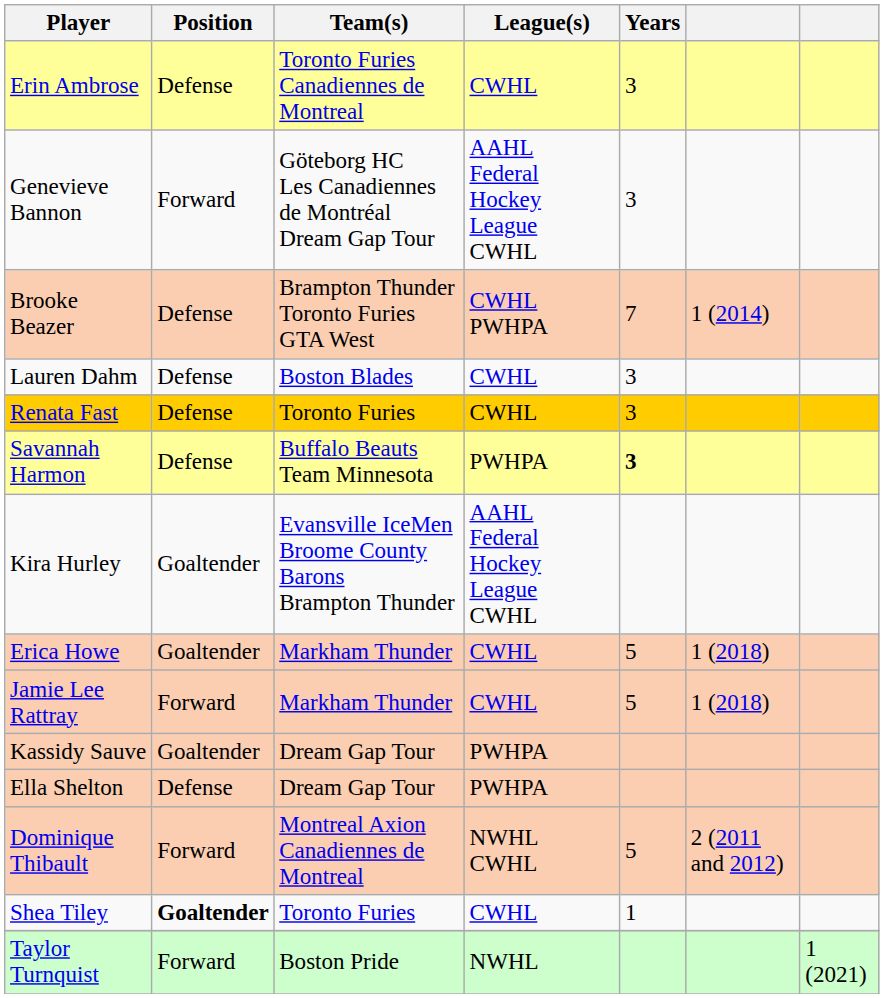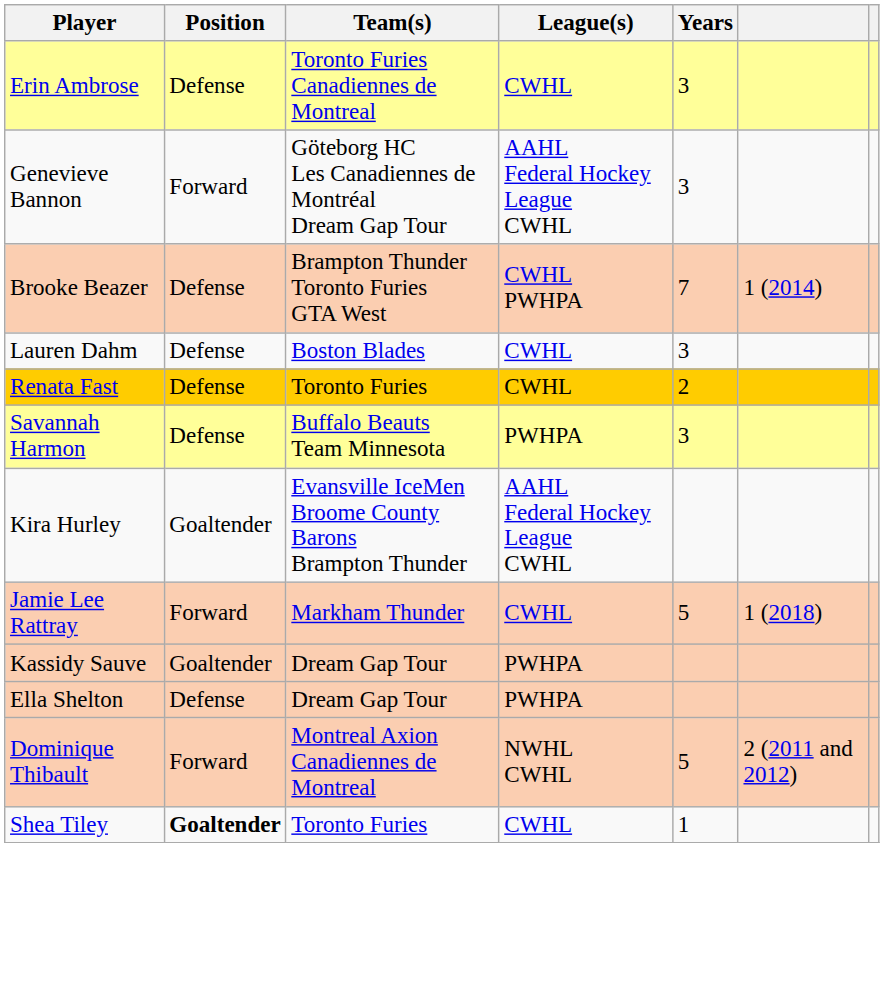 <table class="wikitable sortable">
 <tr>
 <th>Player</th>
 <th>Position</th>
 <th>Team(s)</th>
 <th>League(s)</th>
 <th>Years</th>
 <th><a href='#'></a></th>
 <th><a href='#'></a></th>
 </tr>
 <tr bgcolor=FFFF99>
 <td><a href='#'>Erin Ambrose</a></td>
 <td>Defense</td>
 <td><a href='#'>Toronto Furies</a><br><a href='#'>Canadiennes de Montreal</a></td>
 <td><a href='#'>CWHL</a></td>
 <td>3</td>
 <td></td>
 <td></td>
 </tr>
 <tr bgcolor=>
 <td>Genevieve Bannon</td>
 <td>Forward</td>
 <td>Göteborg HC<br>Les Canadiennes de Montréal<br>Dream Gap Tour</td>
 <td><a href='#'>AAHL</a><br><a href='#'>Federal Hockey League</a><br>CWHL</td>
 <td>3</td>
 <td></td>
 <td></td>
 </tr>
 <tr bgcolor=FBCEB1>
 <td>Brooke Beazer</td>
 <td>Defense</td>
 <td>Brampton Thunder<br>Toronto Furies<br>GTA West</td>
 <td><a href='#'>CWHL</a><br>PWHPA</td>
 <td>7</td>
 <td>1 (<a href='#'>2014</a>)</td>
 <td></td>
 </tr>
 <tr>
 <td>Lauren Dahm</td>
 <td>Defense</td>
 <td><a href='#'>Boston Blades</a></td>
 <td><a href='#'>CWHL</a></td>
 <td>3</td>
 <td></td>
 <td></td>
 </tr>
 <tr bgcolor=FFCC00>
 <td><a href='#'>Renata Fast</a></td>
 <td>Defense</td>
 <td>Toronto Furies</td>
 <td>CWHL</td>
-<td>3</td>
+<td>2</td>
 <td></td>
 <td></td>
 </tr>
 <tr bgcolor=FFFF99>
 <td><a href='#'>Savannah Harmon</a></td>
 <td>Defense</td>
 <td><a href='#'>Buffalo Beauts</a><br>Team Minnesota</td>
 <td>PWHPA</td>
-<td><strong>3</strong></td>
+<td>3</td>
 <td></td>
 <td></td>
 </tr>
 <tr bgcolor=>
 <td>Kira Hurley</td>
 <td>Goaltender</td>
 <td><a href='#'>Evansville IceMen</a><br><a href='#'>Broome County Barons</a><br>Brampton Thunder</td>
 <td><a href='#'>AAHL</a><br><a href='#'>Federal Hockey League</a><br>CWHL</td>
 <td></td>
 <td></td>
-<td></td>
-</tr>
-<tr bgcolor=FBCEB1>
-<td><a href='#'>Erica Howe</a></td>
-<td>Goaltender</td>
-<td><a href='#'>Markham Thunder</a></td>
-<td><a href='#'>CWHL</a></td>
-<td>5</td>
-<td>1 (<a href='#'>2018</a>)</td>
 <td></td>
 </tr>
 <tr bgcolor=FBCEB1>
 <td><a href='#'>Jamie Lee Rattray</a></td>
 <td>Forward</td>
 <td><a href='#'>Markham Thunder</a></td>
 <td><a href='#'>CWHL</a></td>
 <td>5</td>
 <td>1 (<a href='#'>2018</a>)</td>
 <td></td>
 </tr>
 <tr bgcolor=FBCEB1>
 <td>Kassidy Sauve</td>
 <td>Goaltender</td>
 <td>Dream Gap Tour</td>
 <td>PWHPA</td>
 <td></td>
 <td></td>
 <td></td>
 </tr>
 <tr bgcolor=FBCEB1>
 <td>Ella Shelton</td>
 <td>Defense</td>
 <td>Dream Gap Tour</td>
 <td>PWHPA</td>
 <td></td>
 <td></td>
 <td></td>
 </tr>
 <tr bgcolor=FBCEB1>
 <td><a href='#'>Dominique Thibault</a></td>
 <td>Forward</td>
 <td><a href='#'>Montreal Axion</a><br><a href='#'>Canadiennes de Montreal</a></td>
 <td>NWHL<br>CWHL</td>
 <td>5</td>
 <td>2 (<a href='#'>2011</a> and <a href='#'>2012</a>)</td>
 <td></td>
 </tr>
 <tr>
 <td><a href='#'>Shea Tiley</a></td>
 <td><strong>Goaltender</strong></td>
 <td><a href='#'>Toronto Furies</a></td>
 <td><a href='#'>CWHL</a></td>
 <td>1</td>
 <td></td>
 <td></td>
 </tr>
 <tr>
 </tr>
-<tr bgcolor= CCFFCC>
-<td><a href='#'>Taylor Turnquist</a></td>
-<td>Forward</td>
-<td>Boston Pride</td>
-<td>NWHL</td>
-<td></td>
-<td></td>
-<td>1 (2021)</td>
-</tr>
 </table>
